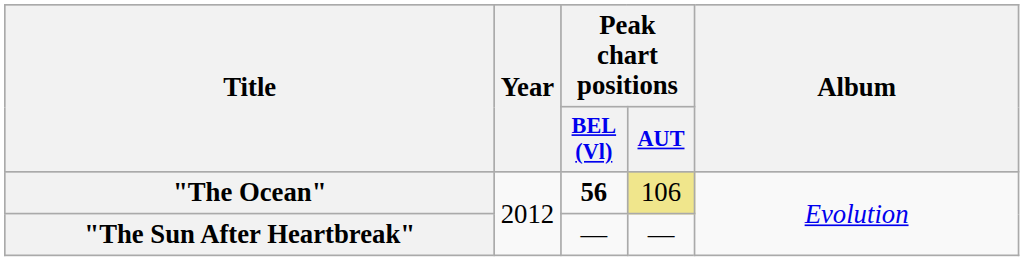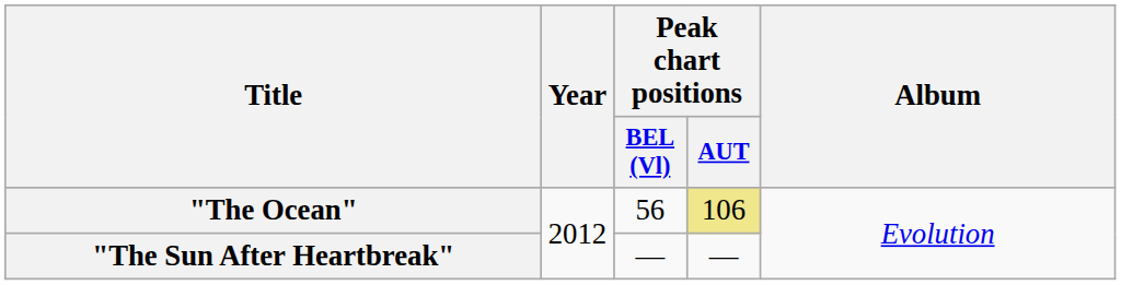 <table class="wikitable plainrowheaders" style="text-align:center;">
 <tr>
 <th rowspan="2" style="width:20em;">Title</th>
 <th rowspan="2">Year</th>
 <th colspan="2">Peak chart positions</th>
 <th rowspan="2" style="width:13em;">Album</th>
 </tr>
 <tr style="font-size:smaller;">
 <th width="35"><a href='#'>BEL <br>(Vl)</a><br></th>
 <th width="35"><a href='#'>AUT</a><br></th>
 </tr>
 <tr>
 <th scope="row">"The Ocean" <br></th>
 <td rowspan=2>2012</td>
-<td><strong>56</strong></td>
+<td>56</td>
 <td style="background: khaki;">106</td>
 <td rowspan=2><em><a href='#'>Evolution</a></em></td>
 </tr>
 <tr>
 <th scope="row">"The Sun After Heartbreak" <br></th>
 <td>—</td>
 <td>—</td>
 </tr>
 </table>
